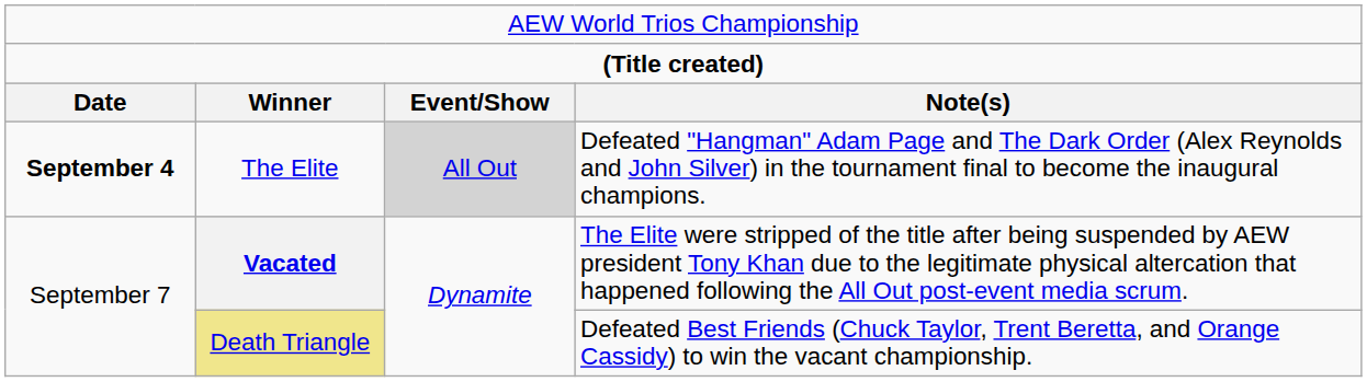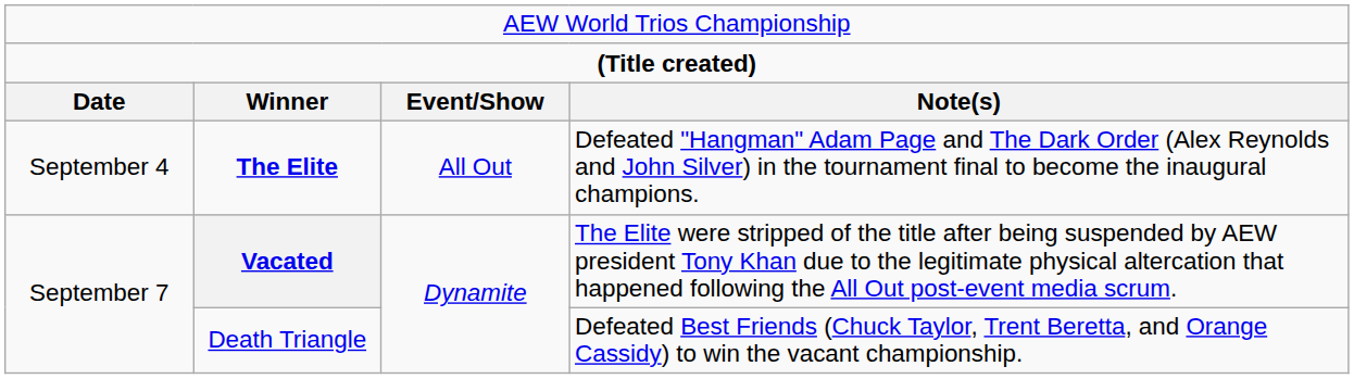 <table class="wikitable" style="text-align:center; width:100%;">
 <tr>
 <td colspan="4" style="text-align: center;"><a href='#'>AEW World Trios Championship</a></td>
 </tr>
 <tr>
 <td colspan="4" style="text-align: center;"><strong>(Title created)</strong></td>
 </tr>
 <tr>
 <th width=14%>Date</th>
 <th width=14%>Winner</th>
 <th width=14%>Event/Show</th>
 <th width=58%>Note(s)</th>
 </tr>
 <tr>
-<td><strong>September 4</strong></td>
-<td><a href='#'>The Elite</a><br></td>
-<td style="background: lightgrey;"><a href='#'>All Out</a></td>
+<td>September 4</td>
+<td><strong><a href='#'>The Elite</a><br></strong></td>
+<td><a href='#'>All Out</a></td>
 <td align=left>Defeated <a href='#'>"Hangman" Adam Page</a> and <a href='#'>The Dark Order</a> (Alex Reynolds and <a href='#'>John Silver</a>) in the tournament final to become the inaugural champions.</td>
 </tr>
 <tr>
 <td rowspan=2>September 7</td>
 <th><a href='#'>Vacated</a></th>
 <td rowspan=2><em><a href='#'>Dynamite</a></em></td>
 <td align=left><a href='#'>The Elite</a> were stripped of the title after being suspended by AEW president <a href='#'>Tony Khan</a> due to the legitimate physical altercation that happened following the <a href='#'>All Out post-event media scrum</a>.</td>
 </tr>
 <tr>
-<td style="background: khaki;"><a href='#'>Death Triangle</a><br></td>
+<td><a href='#'>Death Triangle</a><br></td>
 <td align=left>Defeated <a href='#'>Best Friends</a> (<a href='#'>Chuck Taylor</a>, <a href='#'>Trent Beretta</a>, and <a href='#'>Orange Cassidy</a>) to win the vacant championship.</td>
 </tr>
 </table>
